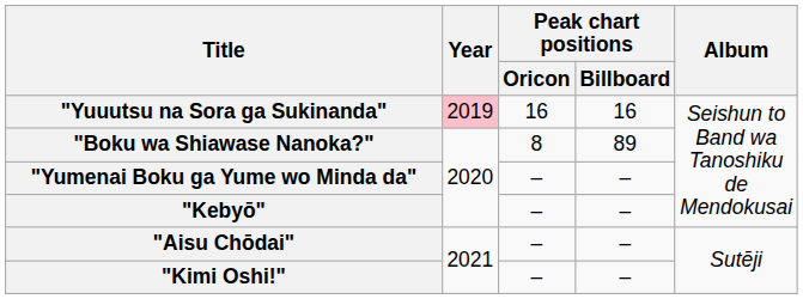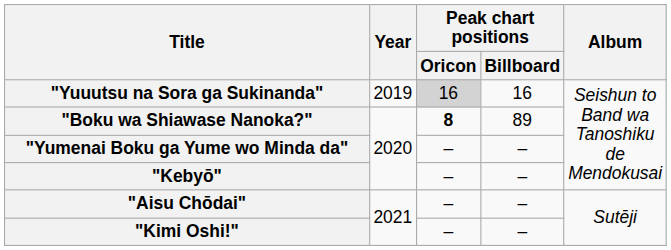 <table class="wikitable plainrowheaders" style="text-align:center;" border="1">
 <tr>
 <th scope="col" rowspan="2" style="width:22em;">Title</th>
 <th scope="col" rowspan="2">Year</th>
 <th scope="col" colspan="2">Peak chart positions</th>
 <th scope="col" rowspan="2">Album</th>
 </tr>
 <tr>
 <th>Oricon</th>
 <th>Billboard</th>
 </tr>
 <tr>
 <th scope=row>"Yuuutsu na Sora ga Sukinanda"</th>
-<td style="background: pink;">2019</td>
-<td>16</td>
+<td>2019</td>
+<td style="background: lightgrey;">16</td>
 <td>16</td>
 <td rowspan=4><em>Seishun to Band wa Tanoshiku de Mendokusai</em></td>
 </tr>
 <tr>
 <th scope=row>"Boku wa Shiawase Nanoka?"</th>
 <td rowspan=3>2020</td>
-<td>8</td>
+<td><strong>8</strong></td>
 <td>89</td>
 </tr>
 <tr>
 <th scope=row>"Yumenai Boku ga Yume wo Minda da"</th>
 <td>–</td>
 <td>–</td>
 </tr>
 <tr>
 <th scope=row>"Kebyō"</th>
 <td>–</td>
 <td>–</td>
 </tr>
 <tr>
 <th scope=row>"Aisu Chōdai"</th>
 <td rowspan=2>2021</td>
 <td>–</td>
 <td>–</td>
 <td rowspan=2><em>Sutēji</em></td>
 </tr>
 <tr>
 <th scope=row>"Kimi Oshi!"</th>
 <td>–</td>
 <td>–</td>
 </tr>
 </table>
